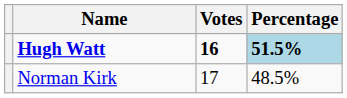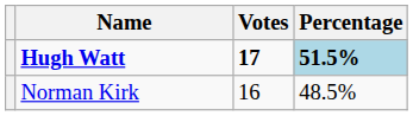 <table class="wikitable">
 <tr>
 <th></th>
 <th>Name</th>
 <th>Votes</th>
 <th>Percentage</th>
 </tr>
 <tr>
 <th style="background-color: "></th>
 <td width="150"><strong><a href='#'>Hugh Watt</a></strong></td>
-<td><strong>16</strong></td>
+<td><strong>17</strong></td>
 <td style="background: lightblue;"><strong>51.5%</strong></td>
 </tr>
 <tr>
 <th style="background-color: "></th>
 <td><a href='#'>Norman Kirk</a></td>
-<td>17</td>
+<td>16</td>
 <td>48.5%</td>
 </tr>
 </table>
